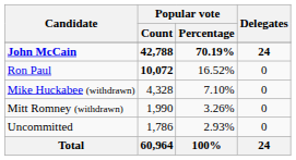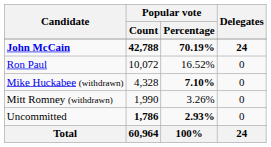 <table class="wikitable sortable plainrowheaders" style="text-align:right;">
 <tr>
 <th rowspan="2">Candidate</th>
 <th colspan="2">Popular vote</th>
 <th rowspan="2">Delegates</th>
 </tr>
 <tr>
 <th>Count</th>
 <th>Percentage</th>
 </tr>
 <tr>
 </tr>
 <tr>
 <td style="text-align:left;"><strong><a href='#'>John McCain</a></strong></td>
 <td><strong>42,788</strong></td>
 <td><strong>70.19%</strong></td>
 <td style="text-align:center;"><strong>24</strong></td>
 </tr>
 <tr>
 <td style="text-align:left;"><a href='#'>Ron Paul</a></td>
-<td><strong>10,072</strong></td>
+<td>10,072</td>
 <td>16.52%</td>
 <td style="text-align:center;">0</td>
 </tr>
 <tr>
 <td style="text-align:left;"><a href='#'>Mike Huckabee</a> <small>(withdrawn)</small></td>
 <td>4,328</td>
-<td>7.10%</td>
+<td><strong>7.10%</strong></td>
 <td style="text-align:center;">0</td>
 </tr>
 <tr>
 <td style="text-align:left;">Mitt Romney <small>(withdrawn)</small></td>
 <td>1,990</td>
 <td>3.26%</td>
 <td style="text-align:center;">0</td>
 </tr>
 <tr>
 <td style="text-align:left;">Uncommitted</td>
-<td>1,786</td>
-<td>2.93%</td>
+<td><strong>1,786</strong></td>
+<td><strong>2.93%</strong></td>
 <td style="text-align:center;">0</td>
 </tr>
 <tr class="sortbottom">
 <th>Total</th>
 <th>60,964</th>
 <th>100%</th>
 <th>24</th>
 </tr>
 </table>
